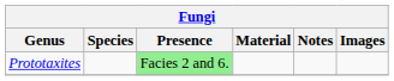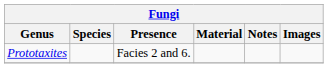 <table class="wikitable" align="center">
 <tr>
 <th colspan="6" align="center"><strong><a href='#'>Fungi</a></strong></th>
 </tr>
 <tr>
 <th>Genus</th>
 <th>Species</th>
 <th>Presence</th>
 <th><strong>Material</strong></th>
 <th>Notes</th>
 <th>Images</th>
 </tr>
 <tr>
 <td><em><a href='#'>Prototaxites</a></em></td>
 <td></td>
-<td style="background: lightgreen;">Facies 2 and 6.</td>
+<td>Facies 2 and 6.</td>
 <td></td>
 <td></td>
 <td></td>
 </tr>
 <tr>
 </tr>
 </table>
